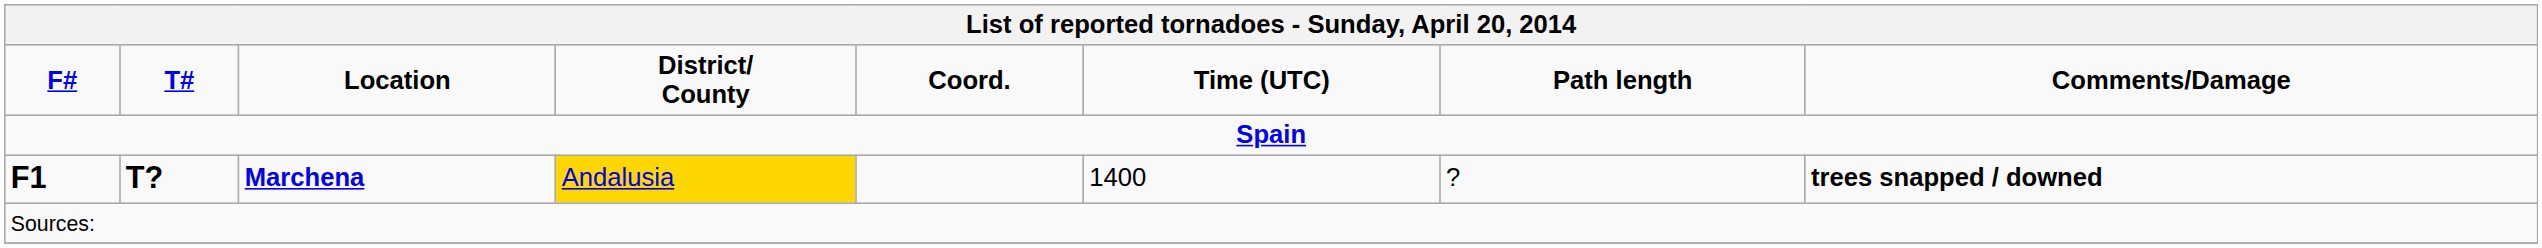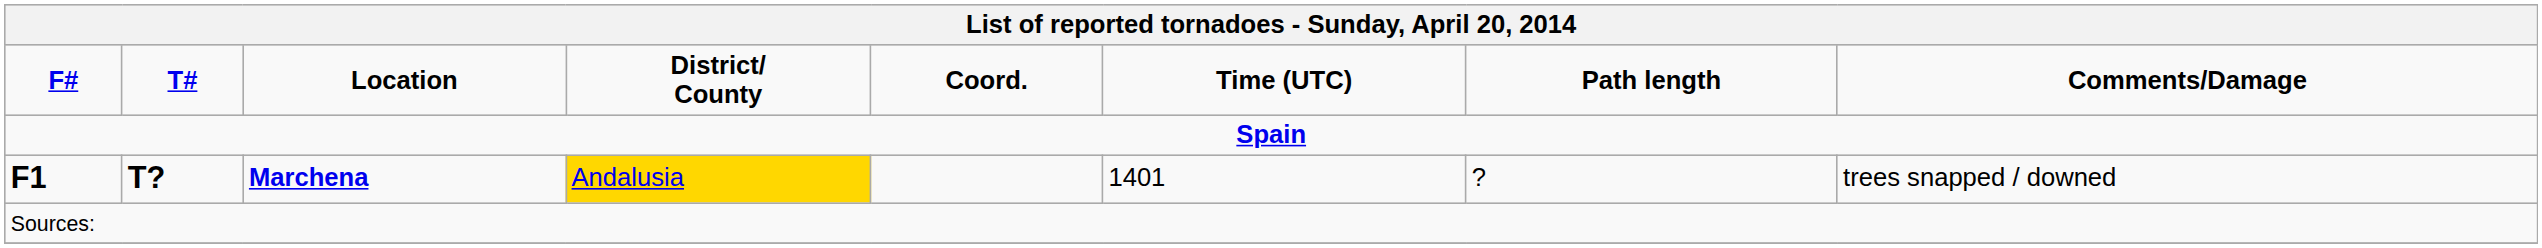 <table class="wikitable collapsible" width="100%">
 <tr>
 <th colspan="8">List of reported tornadoes - Sunday, April 20, 2014</th>
 </tr>
 <tr>
 <td style="text-align: center;"><strong><a href='#'>F#</a></strong></td>
 <td style="text-align: center;"><strong><a href='#'>T#</a></strong></td>
 <td style="text-align: center;"><strong>Location</strong></td>
 <td style="text-align: center;"><strong>District/<br>County</strong></td>
 <td style="text-align: center;"><strong>Coord.</strong></td>
 <td style="text-align: center;"><strong>Time (UTC)</strong></td>
 <td style="text-align: center;"><strong>Path length</strong></td>
 <td style="text-align: center;"><strong>Comments/Damage</strong></td>
 </tr>
 <tr>
 <td colspan="8" align=center><strong><a href='#'>Spain</a></strong></td>
 </tr>
 <tr>
 <td><big><strong>F1</strong></big></td>
 <td><big><strong>T?</strong></big></td>
 <td><strong><a href='#'>Marchena</a></strong></td>
 <td style="background: gold;"><a href='#'>Andalusia</a></td>
 <td></td>
-<td>1400</td>
+<td>1401</td>
 <td>?</td>
-<td><strong>trees snapped / downed</strong></td>
+<td>trees snapped / downed</td>
 </tr>
 <tr>
 <td colspan="8"><small>Sources:</small></td>
 </tr>
 <tr>
 </tr>
 </table>
